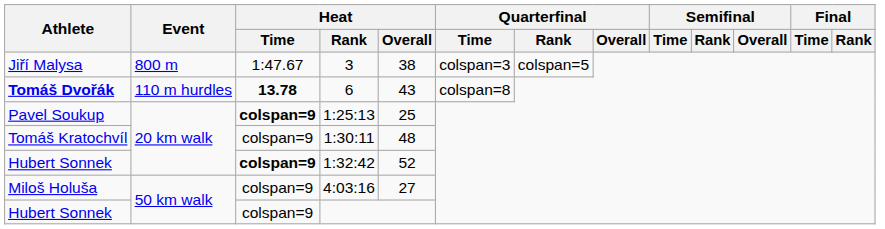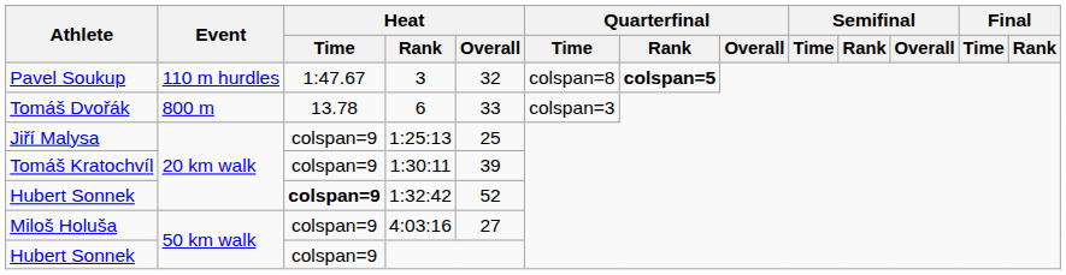 <table class=wikitable style=font-size:90%;text-align:center>
 <tr>
 <th rowspan=2>Athlete</th>
 <th rowspan=2>Event</th>
 <th colspan=3>Heat</th>
 <th colspan=3>Quarterfinal</th>
 <th colspan=3>Semifinal</th>
 <th colspan=2>Final</th>
 </tr>
 <tr style=font-size:95%>
 <th>Time</th>
 <th>Rank</th>
 <th>Overall</th>
 <th>Time</th>
 <th>Rank</th>
 <th>Overall</th>
 <th>Time</th>
 <th>Rank</th>
 <th>Overall</th>
 <th>Time</th>
 <th>Rank</th>
 </tr>
 <tr>
-<td align=left><a href='#'>Jiří Malysa</a></td>
-<td align=left><a href='#'>800 m</a></td>
+<td align=left><a href='#'>Pavel Soukup</a></td>
+<td align=left><a href='#'>110 m hurdles</a></td>
 <td>1:47.67</td>
 <td>3</td>
-<td>38</td>
-<td>colspan=3 </td>
-<td>colspan=5 </td>
+<td>32</td>
+<td>colspan=8 </td>
+<td><strong>colspan=5 </strong></td>
 </tr>
 <tr>
-<td align=left><strong><a href='#'>Tomáš Dvořák</a></strong></td>
-<td align=left><a href='#'>110 m hurdles</a></td>
-<td><strong>13.78</strong></td>
+<td align=left><a href='#'>Tomáš Dvořák</a></td>
+<td align=left><a href='#'>800 m</a></td>
+<td>13.78</td>
 <td>6</td>
-<td>43</td>
-<td>colspan=8 </td>
+<td>33</td>
+<td>colspan=3 </td>
 </tr>
 <tr>
-<td align=left><a href='#'>Pavel Soukup</a></td>
+<td align=left><a href='#'>Jiří Malysa</a></td>
 <td align=left rowspan=3><a href='#'>20 km walk</a></td>
-<td><strong>colspan=9 </strong></td>
+<td>colspan=9 </td>
 <td>1:25:13</td>
 <td>25</td>
 </tr>
 <tr>
 <td align=left><a href='#'>Tomáš Kratochvíl</a></td>
 <td>colspan=9 </td>
 <td>1:30:11</td>
-<td>48</td>
+<td>39</td>
 </tr>
 <tr>
 <td align=left><a href='#'>Hubert Sonnek</a></td>
 <td><strong>colspan=9 </strong></td>
 <td>1:32:42</td>
 <td>52</td>
 </tr>
 <tr>
 <td align=left><a href='#'>Miloš Holuša</a></td>
 <td align=left rowspan=2><a href='#'>50 km walk</a></td>
 <td>colspan=9 </td>
 <td>4:03:16</td>
 <td>27</td>
 </tr>
 <tr>
 <td align=left><a href='#'>Hubert Sonnek</a></td>
 <td>colspan=9 </td>
 <td colspan=2></td>
 </tr>
 </table>
